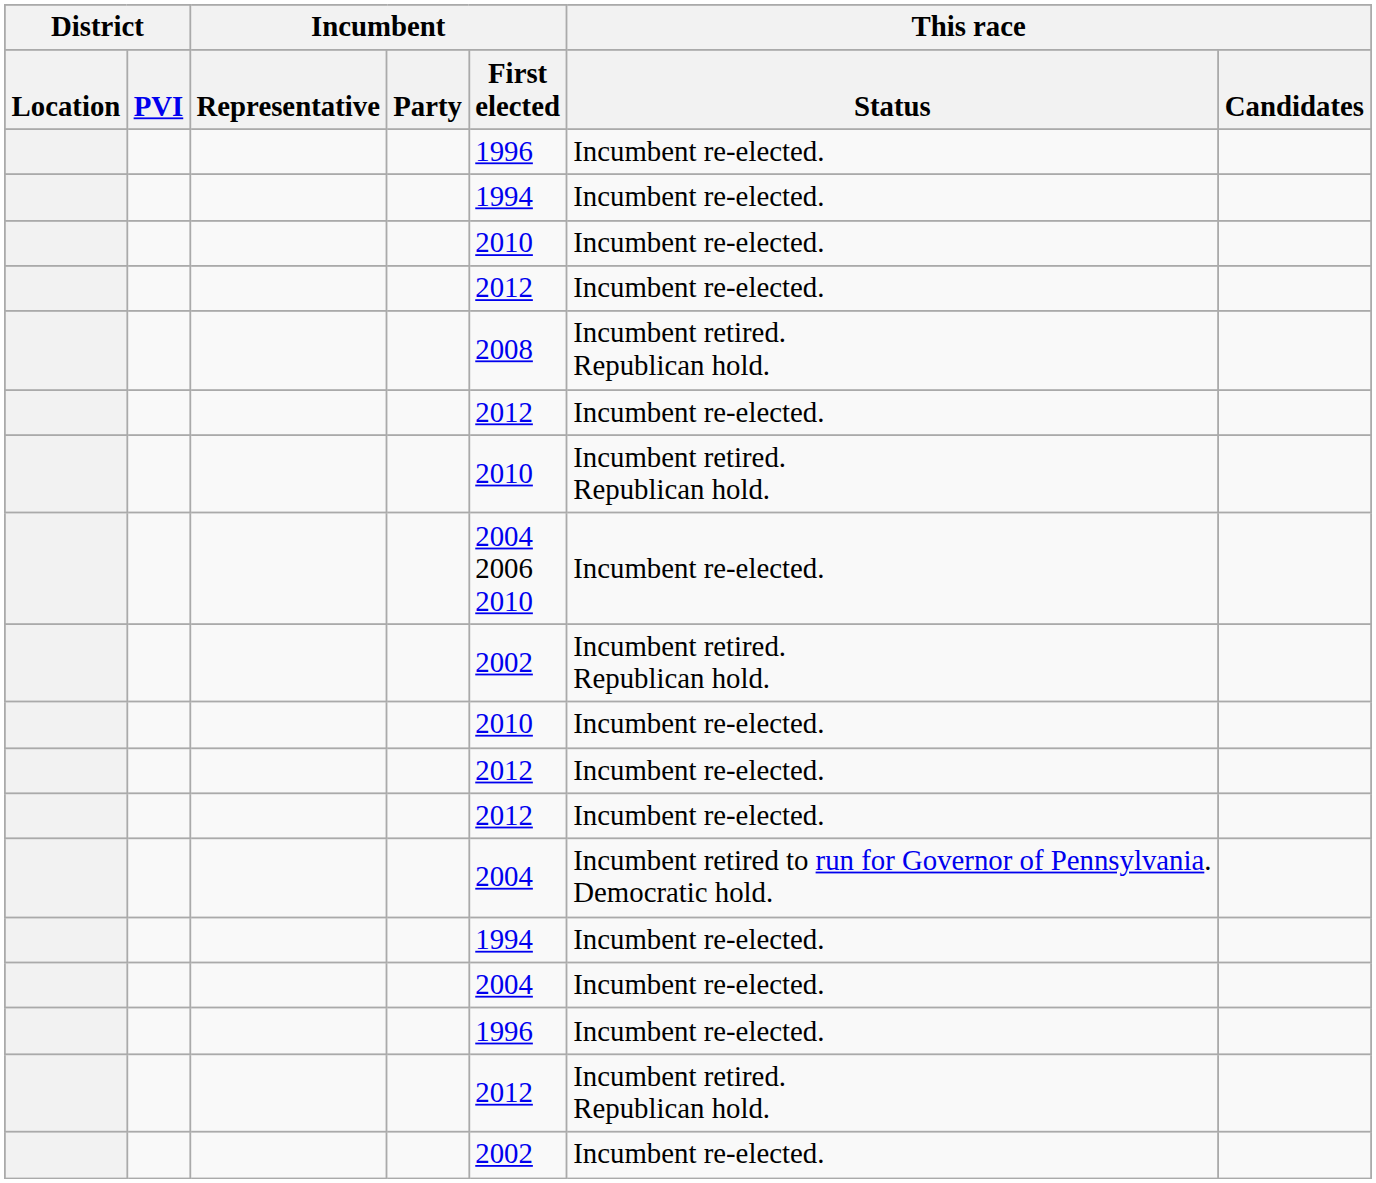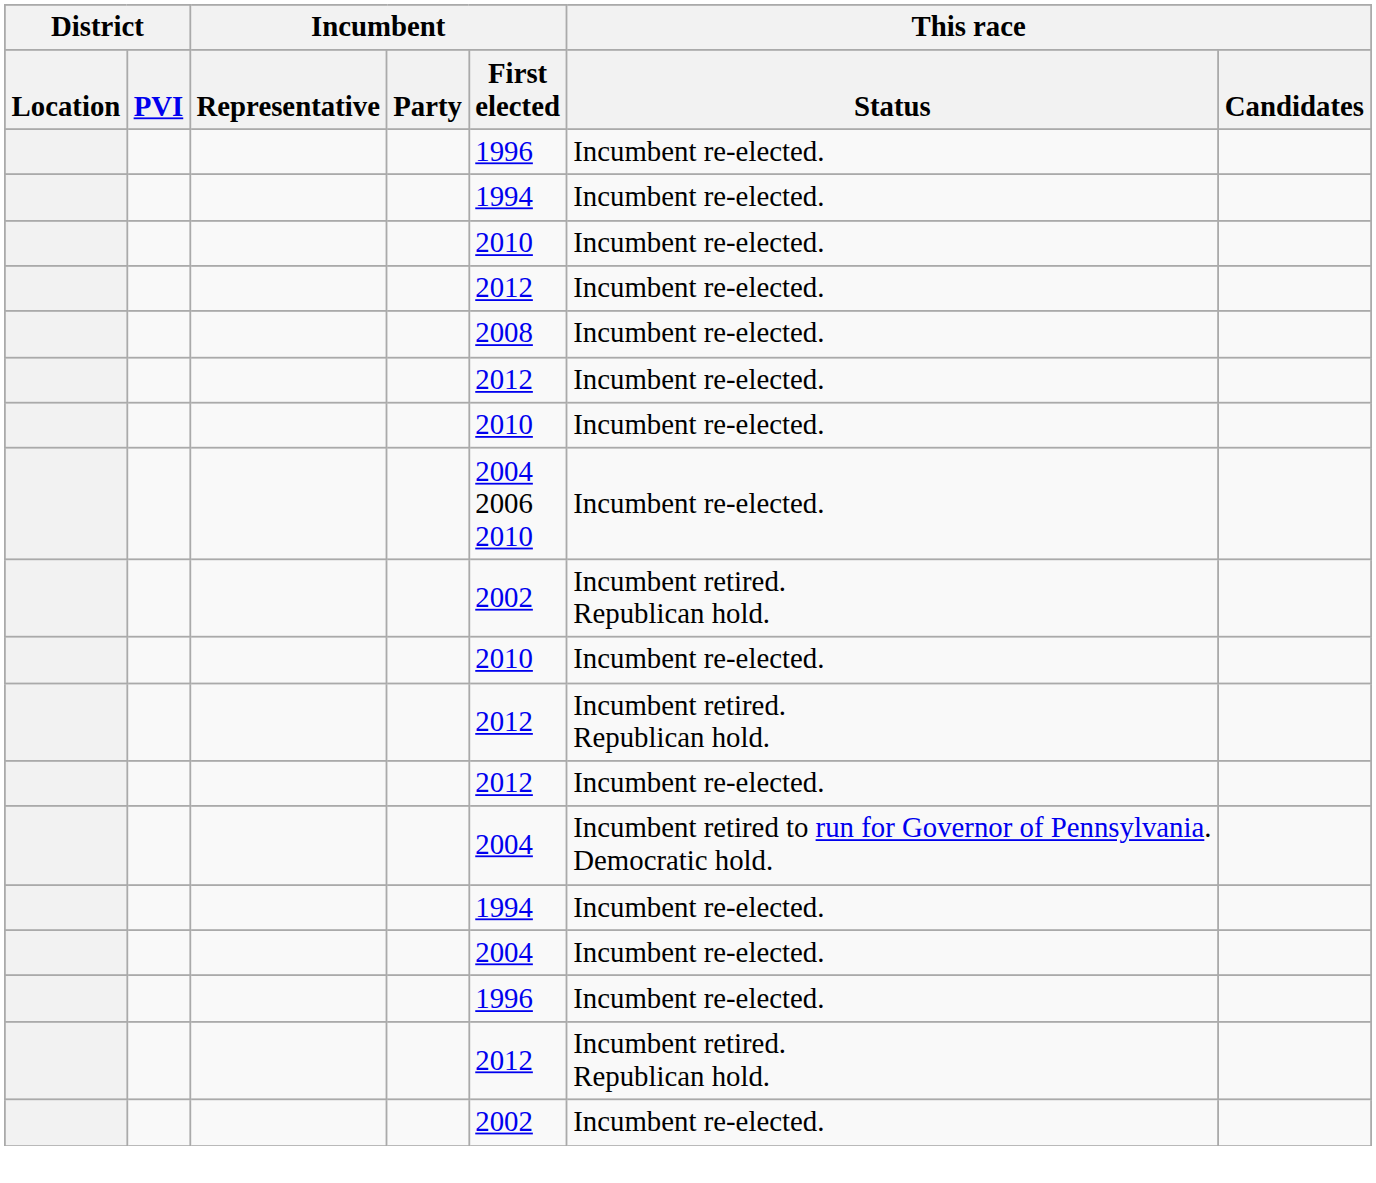 <table class="wikitable sortable">
 <tr valign=bottom>
 <th colspan=2>District</th>
 <th colspan=3>Incumbent</th>
 <th colspan=2>This race</th>
 </tr>
 <tr valign=bottom>
 <th>Location</th>
 <th><a href='#'>PVI</a></th>
 <th>Representative</th>
 <th>Party</th>
 <th>First<br>elected</th>
 <th>Status</th>
 <th>Candidates</th>
 </tr>
 <tr>
 <th></th>
 <td></td>
 <td></td>
 <td></td>
 <td><a href='#'>1996</a></td>
 <td>Incumbent re-elected.</td>
 <td nowrap></td>
 </tr>
 <tr>
 <th></th>
 <td></td>
 <td></td>
 <td></td>
 <td><a href='#'>1994</a></td>
 <td>Incumbent re-elected.</td>
 <td nowrap></td>
 </tr>
 <tr>
 <th></th>
 <td></td>
 <td></td>
 <td></td>
 <td><a href='#'>2010</a></td>
 <td>Incumbent re-elected.</td>
 <td nowrap></td>
 </tr>
 <tr>
 <th></th>
 <td></td>
 <td></td>
 <td></td>
 <td><a href='#'>2012</a></td>
 <td>Incumbent re-elected.</td>
 <td nowrap></td>
 </tr>
 <tr>
 <th></th>
 <td></td>
 <td></td>
 <td></td>
 <td><a href='#'>2008</a></td>
-<td>Incumbent retired.<br>Republican hold.</td>
+<td>Incumbent re-elected.</td>
 <td nowrap></td>
 </tr>
 <tr>
 <th></th>
 <td></td>
 <td></td>
 <td></td>
 <td><a href='#'>2012</a></td>
 <td>Incumbent re-elected.</td>
 <td nowrap></td>
 </tr>
 <tr>
 <th></th>
 <td></td>
 <td></td>
 <td></td>
 <td><a href='#'>2010</a></td>
-<td>Incumbent retired.<br>Republican hold.</td>
+<td>Incumbent re-elected.</td>
 <td nowrap></td>
 </tr>
 <tr>
 <th></th>
 <td></td>
 <td></td>
 <td></td>
 <td><a href='#'>2004</a><br>2006 <br><a href='#'>2010</a></td>
 <td>Incumbent re-elected.</td>
 <td nowrap></td>
 </tr>
 <tr>
 <th></th>
 <td></td>
 <td></td>
 <td></td>
 <td><a href='#'>2002</a></td>
 <td>Incumbent retired.<br>Republican hold.</td>
 <td nowrap></td>
 </tr>
 <tr>
 <th></th>
 <td></td>
 <td></td>
 <td></td>
 <td><a href='#'>2010</a></td>
 <td>Incumbent re-elected.</td>
 <td nowrap></td>
 </tr>
 <tr>
 <th></th>
 <td></td>
 <td></td>
 <td></td>
 <td><a href='#'>2012</a></td>
-<td>Incumbent re-elected.</td>
+<td>Incumbent retired.<br>Republican hold.</td>
 <td nowrap></td>
 </tr>
 <tr>
 <th></th>
 <td></td>
 <td></td>
 <td></td>
 <td><a href='#'>2012</a></td>
 <td>Incumbent re-elected.</td>
 <td nowrap></td>
 </tr>
 <tr>
 <th></th>
 <td></td>
 <td></td>
 <td></td>
 <td><a href='#'>2004</a></td>
 <td>Incumbent retired to <a href='#'>run for Governor of Pennsylvania</a>.<br>Democratic hold.</td>
 <td nowrap></td>
 </tr>
 <tr>
 <th></th>
 <td></td>
 <td></td>
 <td></td>
 <td><a href='#'>1994</a></td>
 <td>Incumbent re-elected.</td>
 <td nowrap></td>
 </tr>
 <tr>
 <th></th>
 <td></td>
 <td></td>
 <td></td>
 <td><a href='#'>2004</a></td>
 <td>Incumbent re-elected.</td>
 <td nowrap></td>
 </tr>
 <tr>
 <th></th>
 <td></td>
 <td></td>
 <td></td>
 <td><a href='#'>1996</a></td>
 <td>Incumbent re-elected.</td>
 <td nowrap></td>
 </tr>
 <tr>
 <th></th>
 <td></td>
 <td></td>
 <td></td>
 <td><a href='#'>2012</a></td>
 <td>Incumbent retired.<br>Republican hold.</td>
 <td nowrap></td>
 </tr>
 <tr>
 <th></th>
 <td></td>
 <td></td>
 <td></td>
 <td><a href='#'>2002</a></td>
 <td>Incumbent re-elected.</td>
 <td nowrap></td>
 </tr>
 </table>
